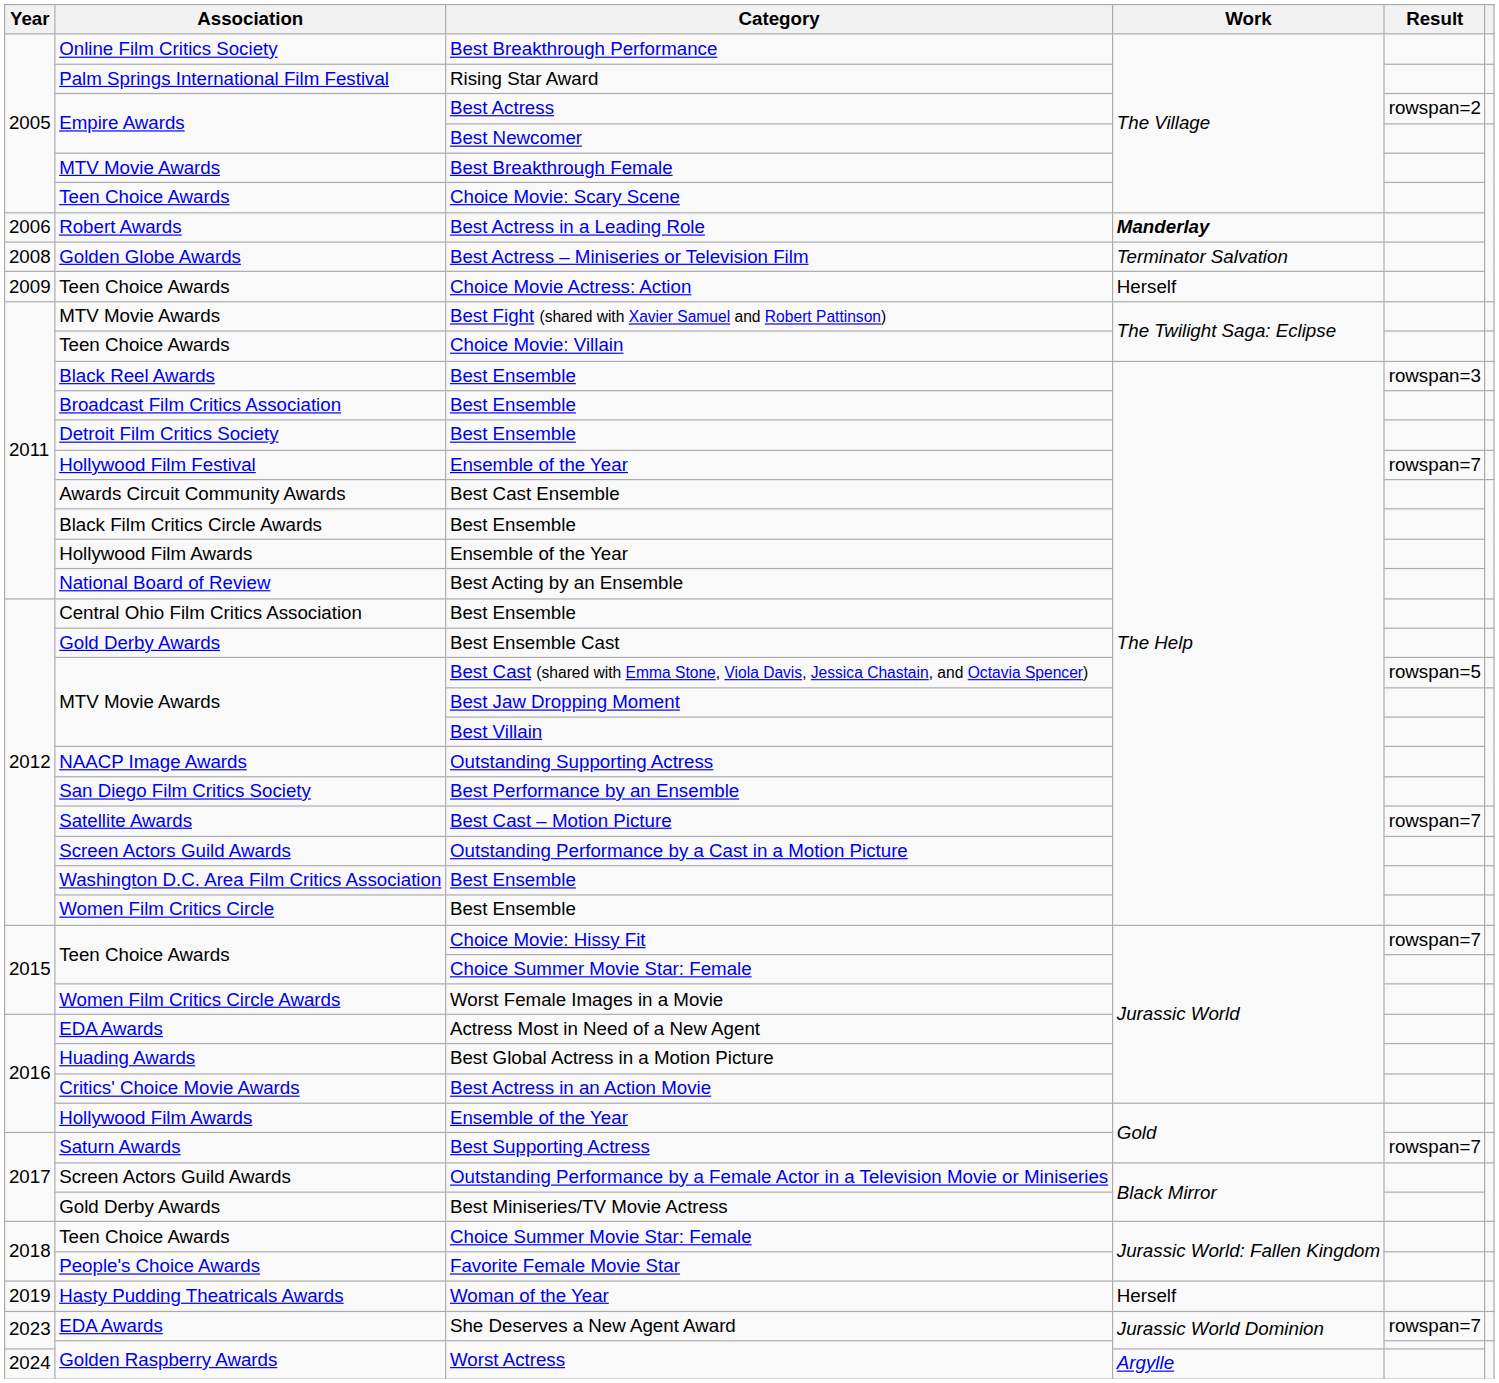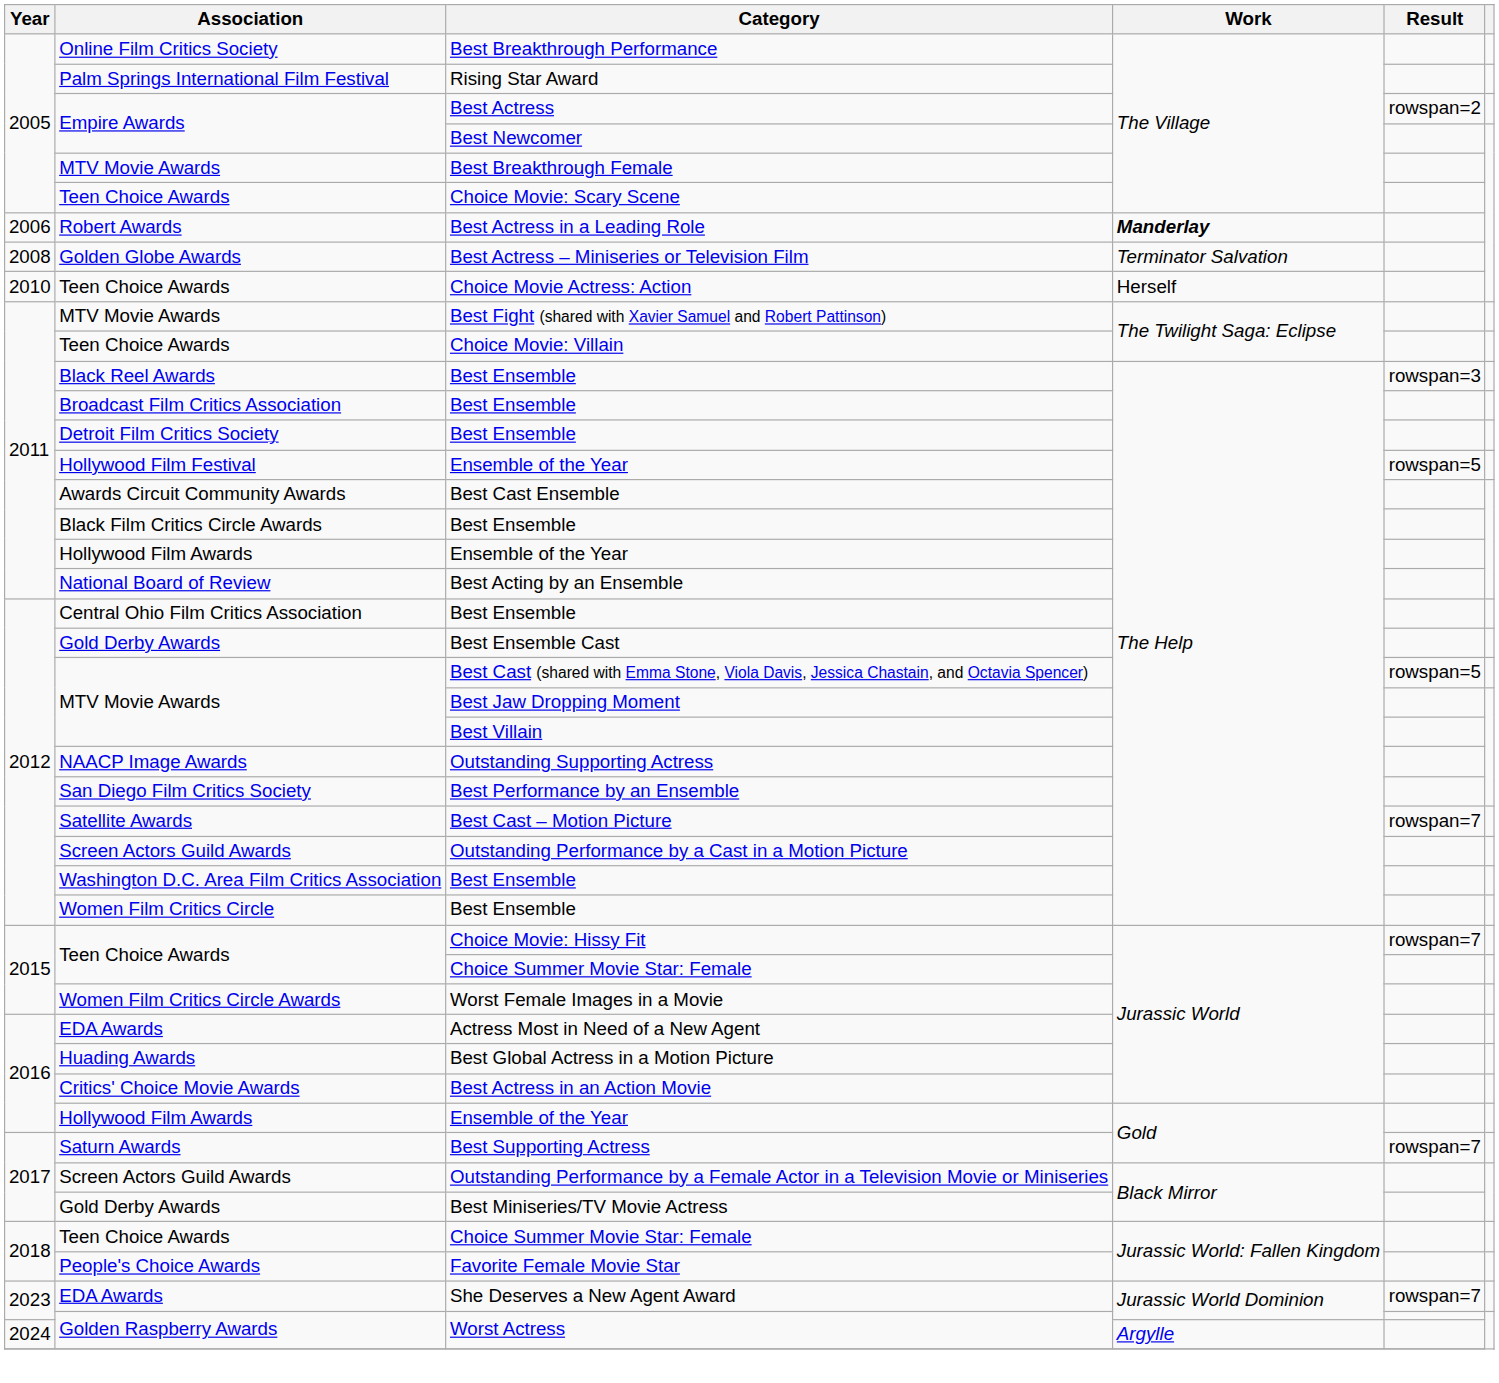 <table class="wikitable sortable">
 <tr>
 <th>Year</th>
 <th>Association</th>
 <th>Category</th>
 <th>Work</th>
 <th>Result</th>
 <th class="unsortable"></th>
 </tr>
 <tr>
 <td rowspan=6>2005</td>
 <td><a href='#'>Online Film Critics Society</a></td>
 <td><a href='#'>Best Breakthrough Performance</a></td>
 <td rowspan=6><em>The Village</em></td>
 <td></td>
 <td></td>
 </tr>
 <tr>
 <td><a href='#'>Palm Springs International Film Festival</a></td>
 <td>Rising Star Award</td>
 <td></td>
 <td></td>
 </tr>
 <tr>
 <td rowspan=2><a href='#'>Empire Awards</a></td>
 <td><a href='#'>Best Actress</a></td>
 <td>rowspan=2 </td>
 <td></td>
 </tr>
 <tr>
 <td><a href='#'>Best Newcomer</a></td>
 <td></td>
 </tr>
 <tr>
 <td><a href='#'>MTV Movie Awards</a></td>
 <td><a href='#'>Best Breakthrough Female</a></td>
 <td></td>
 </tr>
 <tr>
 <td><a href='#'>Teen Choice Awards</a></td>
 <td><a href='#'>Choice Movie: Scary Scene</a></td>
 <td></td>
 </tr>
 <tr>
 <td>2006</td>
 <td><a href='#'>Robert Awards</a></td>
 <td><a href='#'>Best Actress in a Leading Role</a></td>
 <td><strong><em>Manderlay</em></strong></td>
 <td></td>
 </tr>
 <tr>
 <td>2008</td>
 <td><a href='#'>Golden Globe Awards</a></td>
 <td><a href='#'>Best Actress – Miniseries or Television Film</a></td>
 <td><em>Terminator Salvation</em></td>
 <td></td>
 </tr>
 <tr>
-<td>2009</td>
+<td>2010</td>
 <td>Teen Choice Awards</td>
 <td><a href='#'>Choice Movie Actress: Action</a></td>
 <td>Herself</td>
 <td></td>
 </tr>
 <tr>
 <td rowspan=10>2011</td>
 <td>MTV Movie Awards</td>
 <td><a href='#'>Best Fight</a> <small>(shared with <a href='#'>Xavier Samuel</a> and <a href='#'>Robert Pattinson</a>)</small></td>
 <td rowspan=2><em>The Twilight Saga: Eclipse</em></td>
 <td></td>
 <td></td>
 </tr>
 <tr>
 <td>Teen Choice Awards</td>
 <td><a href='#'>Choice Movie: Villain</a></td>
 <td></td>
 <td></td>
 </tr>
 <tr>
 <td><a href='#'>Black Reel Awards</a></td>
 <td><a href='#'>Best Ensemble</a></td>
 <td rowspan=19><em>The Help</em></td>
 <td>rowspan=3 </td>
 <td></td>
 </tr>
 <tr>
 <td><a href='#'>Broadcast Film Critics Association</a></td>
 <td><a href='#'>Best Ensemble</a></td>
 <td></td>
 </tr>
 <tr>
 <td><a href='#'>Detroit Film Critics Society</a></td>
 <td><a href='#'>Best Ensemble</a></td>
 <td></td>
 <td></td>
 </tr>
 <tr>
 <td><a href='#'>Hollywood Film Festival</a></td>
 <td><a href='#'>Ensemble of the Year</a></td>
-<td>rowspan=7 </td>
+<td>rowspan=5 </td>
 <td></td>
 </tr>
 <tr>
 <td>Awards Circuit Community Awards</td>
 <td>Best Cast Ensemble</td>
 <td></td>
 </tr>
 <tr>
 <td>Black Film Critics Circle Awards</td>
 <td>Best Ensemble</td>
 <td></td>
 </tr>
 <tr>
 <td>Hollywood Film Awards</td>
 <td>Ensemble of the Year</td>
 <td></td>
 </tr>
 <tr>
 <td><a href='#'>National Board of Review</a></td>
 <td>Best Acting by an Ensemble</td>
 <td></td>
 </tr>
 <tr>
 <td rowspan=11>2012</td>
 <td>Central Ohio Film Critics Association</td>
 <td>Best Ensemble</td>
 <td></td>
 <td></td>
 </tr>
 <tr>
 <td><a href='#'>Gold Derby Awards</a></td>
 <td>Best Ensemble Cast</td>
 <td></td>
 <td></td>
 </tr>
 <tr>
 <td rowspan=3>MTV Movie Awards</td>
 <td><a href='#'>Best Cast</a> <small>(shared with <a href='#'>Emma Stone</a>, <a href='#'>Viola Davis</a>, <a href='#'>Jessica Chastain</a>, and <a href='#'>Octavia Spencer</a>)</small></td>
 <td>rowspan=5 </td>
 <td></td>
 </tr>
 <tr>
 <td><a href='#'>Best Jaw Dropping Moment</a></td>
 <td></td>
 </tr>
 <tr>
 <td><a href='#'>Best Villain</a></td>
 <td></td>
 </tr>
 <tr>
 <td><a href='#'>NAACP Image Awards</a></td>
 <td><a href='#'>Outstanding Supporting Actress</a></td>
 <td></td>
 </tr>
 <tr>
 <td><a href='#'>San Diego Film Critics Society</a></td>
 <td><a href='#'>Best Performance by an Ensemble</a></td>
 <td></td>
 </tr>
 <tr>
 <td><a href='#'>Satellite Awards</a></td>
 <td><a href='#'>Best Cast – Motion Picture</a></td>
 <td>rowspan=7 </td>
 <td></td>
 </tr>
 <tr>
 <td><a href='#'>Screen Actors Guild Awards</a></td>
 <td><a href='#'>Outstanding Performance by a Cast in a Motion Picture</a></td>
 <td></td>
 </tr>
 <tr>
 <td><a href='#'>Washington D.C. Area Film Critics Association</a></td>
 <td><a href='#'>Best Ensemble</a></td>
 <td></td>
 <td></td>
 </tr>
 <tr>
 <td><a href='#'>Women Film Critics Circle</a></td>
 <td>Best Ensemble</td>
 <td></td>
 <td></td>
 </tr>
 <tr>
 <td rowspan=3>2015</td>
 <td rowspan=2>Teen Choice Awards</td>
 <td><a href='#'>Choice Movie: Hissy Fit</a></td>
 <td rowspan=6><em>Jurassic World</em></td>
 <td>rowspan=7 </td>
 <td></td>
 </tr>
 <tr>
 <td><a href='#'>Choice Summer Movie Star: Female</a></td>
 <td></td>
 </tr>
 <tr>
 <td><a href='#'>Women Film Critics Circle Awards</a></td>
 <td>Worst Female Images in a Movie</td>
 <td></td>
 <td></td>
 </tr>
 <tr>
 <td rowspan=4>2016</td>
 <td><a href='#'>EDA Awards</a></td>
 <td>Actress Most in Need of a New Agent</td>
 <td></td>
 <td></td>
 </tr>
 <tr>
 <td><a href='#'>Huading Awards</a></td>
 <td>Best Global Actress in a Motion Picture</td>
 <td></td>
 <td></td>
 </tr>
 <tr>
 <td><a href='#'>Critics' Choice Movie Awards</a></td>
 <td><a href='#'>Best Actress in an Action Movie</a></td>
 <td></td>
 <td></td>
 </tr>
 <tr>
 <td><a href='#'>Hollywood Film Awards</a></td>
 <td><a href='#'>Ensemble of the Year</a></td>
 <td rowspan=2><em>Gold</em></td>
 <td></td>
 <td></td>
 </tr>
 <tr>
 <td rowspan=3>2017</td>
 <td><a href='#'>Saturn Awards</a></td>
 <td><a href='#'>Best Supporting Actress</a></td>
 <td>rowspan=7 </td>
 <td></td>
 </tr>
 <tr>
 <td>Screen Actors Guild Awards</td>
 <td><a href='#'>Outstanding Performance by a Female Actor in a Television Movie or Miniseries</a></td>
 <td rowspan=2><em>Black Mirror</em></td>
 <td></td>
 </tr>
 <tr>
 <td>Gold Derby Awards</td>
 <td>Best Miniseries/TV Movie Actress</td>
 <td></td>
 </tr>
 <tr>
 <td rowspan=2>2018</td>
 <td>Teen Choice Awards</td>
 <td><a href='#'>Choice Summer Movie Star: Female</a></td>
 <td rowspan=2><em>Jurassic World: Fallen Kingdom</em></td>
 <td></td>
 <td></td>
 </tr>
 <tr>
 <td><a href='#'>People's Choice Awards</a></td>
 <td><a href='#'>Favorite Female Movie Star</a></td>
 <td></td>
 <td></td>
 </tr>
 <tr>
-<td>2019</td>
-<td><a href='#'>Hasty Pudding Theatricals Awards</a></td>
-<td><a href='#'>Woman of the Year</a></td>
-<td>Herself</td>
-<td></td>
-<td></td>
-</tr>
-<tr>
 <td rowspan=2>2023</td>
 <td><a href='#'>EDA Awards</a></td>
 <td>She Deserves a New Agent Award</td>
 <td rowspan=2><em>Jurassic World Dominion</em></td>
 <td>rowspan=7 </td>
 <td></td>
 </tr>
 <tr>
 <td rowspan="2"><a href='#'>Golden Raspberry Awards</a></td>
 <td rowspan="2"><a href='#'>Worst Actress</a></td>
 <td></td>
 </tr>
 <tr>
 <td>2024</td>
 <td><em><a href='#'>Argylle</a></em></td>
 <td></td>
 </tr>
 <tr>
 </tr>
 </table>
